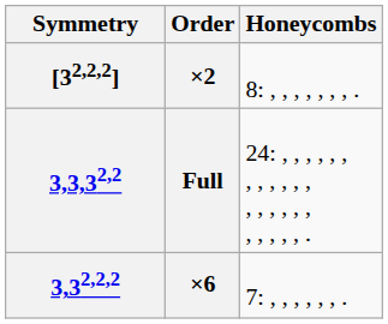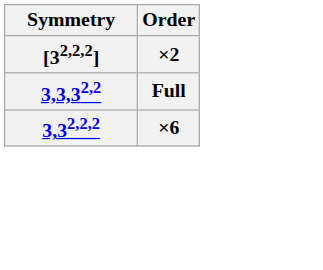 <table class=wikitable>
 <tr>
 <th>Symmetry</th>
 <th>Order</th>
-<th>Honeycombs</th>
 </tr>
 <tr>
 <th width=100>[3<sup>2,2,2</sup>]</th>
 <th>×2</th>
-<td><br>8: , , , , , , , .</td>
 </tr>
 <tr>
 <th><a href='#'>3,3,3<sup>2,2</sup></a></th>
 <th>Full</th>
-<td><br>24: , , , , , ,<br>, , , , , ,<br>, , , , , ,<br>, , , , , .</td>
 </tr>
 <tr>
 <th><a href='#'>3,3<sup>2,2,2</sup></a></th>
 <th>×6</th>
-<td><br>7: , , , , , , .</td>
 </tr>
 </table>
